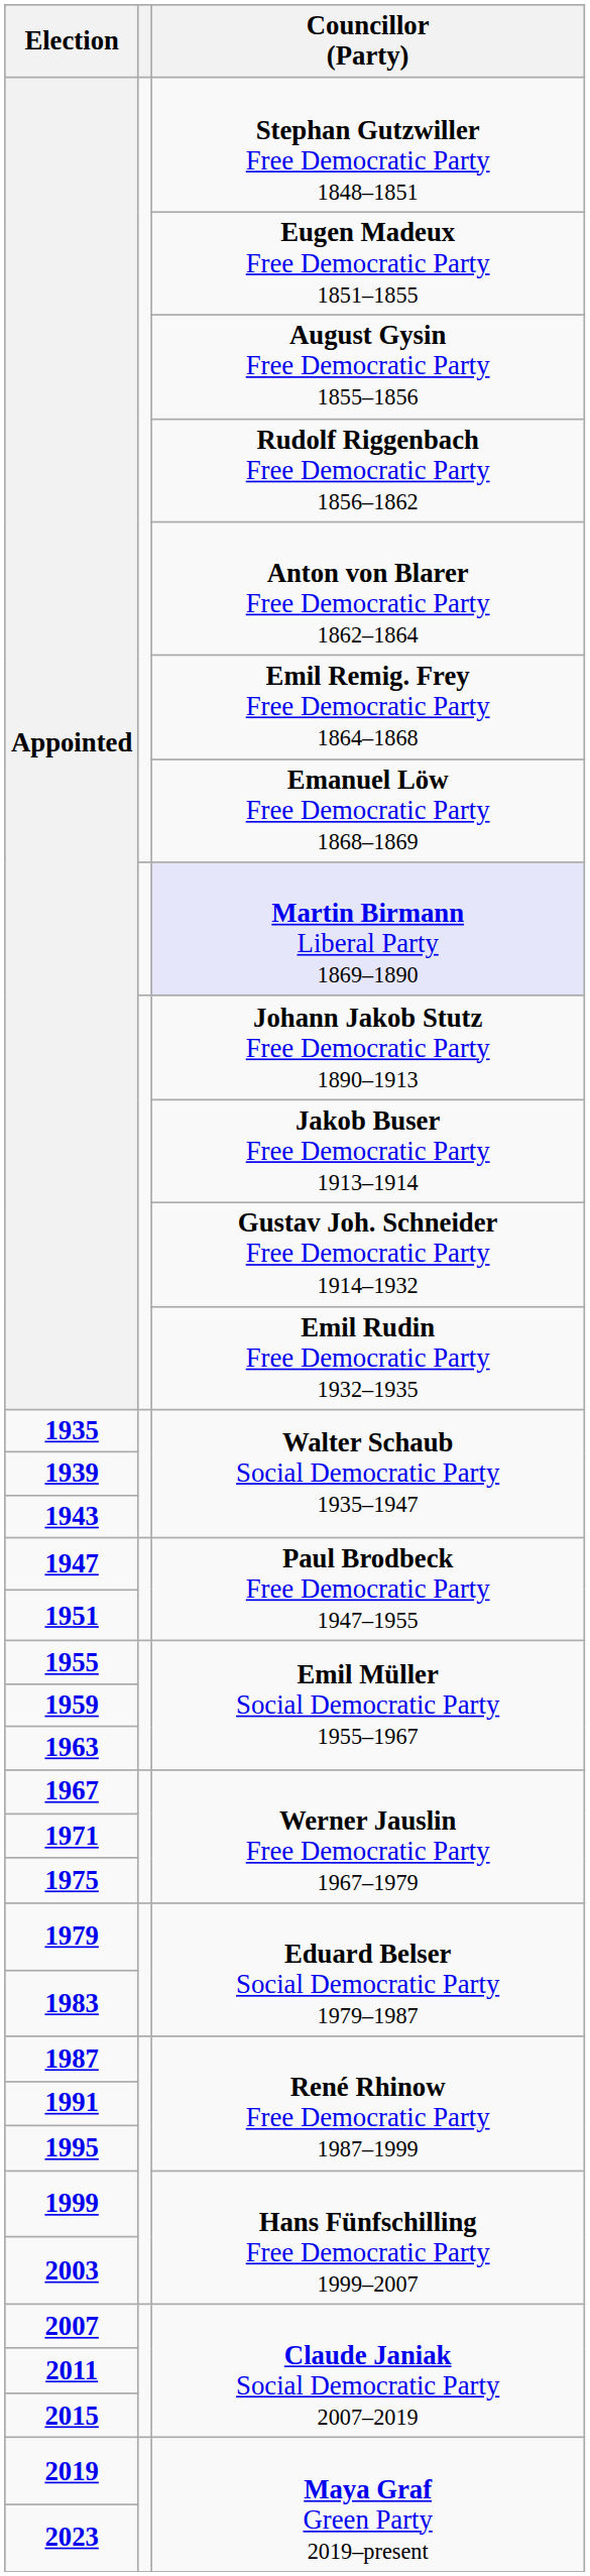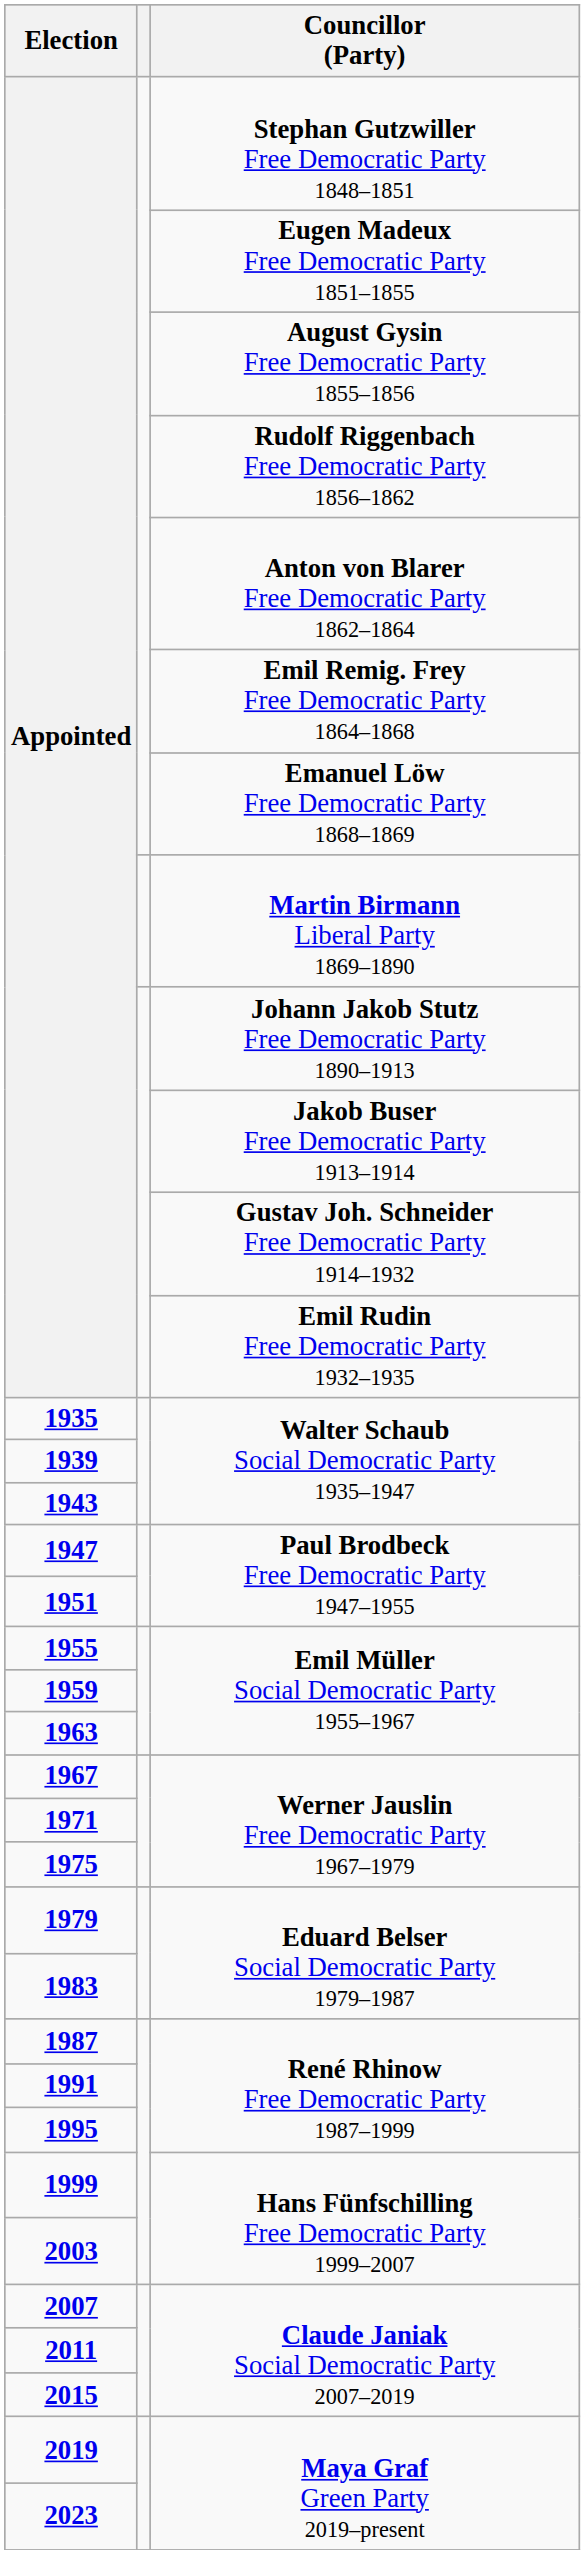 <table class="wikitable" style="text-align:center">
 <tr>
 <th>Election</th>
 <th></th>
 <th scope="col" width="250" colspan = "1">Councillor<br> (Party)</th>
 </tr>
 <tr>
 <th rowspan=12>Appointed</th>
 <td rowspan=7; style="background-color: "></td>
 <td rowspan=1><br><strong>Stephan Gutzwiller</strong><br><a href='#'>Free Democratic Party</a><br><small>1848–1851</small></td>
 </tr>
 <tr>
 <td rowspan=1><strong>Eugen Madeux</strong><br><a href='#'>Free Democratic Party</a><br><small>1851–1855</small></td>
 </tr>
 <tr>
 <td rowspan=1><strong>August Gysin</strong><br><a href='#'>Free Democratic Party</a><br><small>1855–1856</small></td>
 </tr>
 <tr>
 <td rowspan=1><strong>Rudolf Riggenbach</strong><br><a href='#'>Free Democratic Party</a><br><small>1856–1862</small></td>
 </tr>
 <tr>
 <td rowspan=1><br><strong>Anton von Blarer</strong><br><a href='#'>Free Democratic Party</a><br><small>1862–1864</small></td>
 </tr>
 <tr>
 <td rowspan=1><strong>Emil Remig. Frey</strong><br><a href='#'>Free Democratic Party</a><br><small>1864–1868</small></td>
 </tr>
 <tr>
 <td rowspan=1><strong>Emanuel Löw</strong><br><a href='#'>Free Democratic Party</a><br><small>1868–1869</small></td>
 </tr>
 <tr>
 <td rowspan=1; style="background-color: "></td>
-<td rowspan=1 style="background: lavender;"><br><strong><a href='#'>Martin Birmann</a></strong><br><a href='#'>Liberal Party</a><br><small>1869–1890</small></td>
+<td rowspan=1><br><strong><a href='#'>Martin Birmann</a></strong><br><a href='#'>Liberal Party</a><br><small>1869–1890</small></td>
 </tr>
 <tr>
 <td rowspan=4; style="background-color: "></td>
 <td rowspan=1><strong>Johann Jakob Stutz</strong><br><a href='#'>Free Democratic Party</a><br><small>1890–1913</small></td>
 </tr>
 <tr>
 <td rowspan=1><strong>Jakob Buser</strong><br><a href='#'>Free Democratic Party</a><br><small>1913–1914</small></td>
 </tr>
 <tr>
 <td rowspan=1><strong>Gustav Joh. Schneider</strong><br><a href='#'>Free Democratic Party</a><br><small>1914–1932</small></td>
 </tr>
 <tr>
 <td rowspan=1><strong>Emil Rudin</strong><br><a href='#'>Free Democratic Party</a><br><small>1932–1935</small></td>
 </tr>
 <tr>
 <td><strong><a href='#'>1935</a></strong></td>
 <td rowspan=3; style="background-color: "></td>
 <td rowspan=3><strong>Walter Schaub</strong><br><a href='#'>Social Democratic Party</a><br><small>1935–1947</small></td>
 </tr>
 <tr>
 <td><strong><a href='#'>1939</a></strong></td>
 </tr>
 <tr>
 <td><strong><a href='#'>1943</a></strong></td>
 </tr>
 <tr>
 <td><strong><a href='#'>1947</a></strong></td>
 <td rowspan=2; style="background-color: "></td>
 <td rowspan=2><strong>Paul Brodbeck</strong><br><a href='#'>Free Democratic Party</a><br><small>1947–1955</small></td>
 </tr>
 <tr>
 <td><strong><a href='#'>1951</a></strong></td>
 </tr>
 <tr>
 <td><strong><a href='#'>1955</a></strong></td>
 <td rowspan=3; style="background-color: "></td>
 <td rowspan=3><strong>Emil Müller</strong><br><a href='#'>Social Democratic Party</a><br><small>1955–1967</small></td>
 </tr>
 <tr>
 <td><strong><a href='#'>1959</a></strong></td>
 </tr>
 <tr>
 <td><strong><a href='#'>1963</a></strong></td>
 </tr>
 <tr>
 <td><strong><a href='#'>1967</a></strong></td>
 <td rowspan=3; style="background-color: "></td>
 <td rowspan=3><br><strong>Werner Jauslin</strong><br><a href='#'>Free Democratic Party</a><br><small>1967–1979</small></td>
 </tr>
 <tr>
 <td><strong><a href='#'>1971</a></strong></td>
 </tr>
 <tr>
 <td><strong><a href='#'>1975</a></strong></td>
 </tr>
 <tr>
 <td><strong><a href='#'>1979</a></strong></td>
 <td rowspan=2; style="background-color: "></td>
 <td rowspan=2><br><strong>Eduard Belser</strong><br><a href='#'>Social Democratic Party</a><br><small>1979–1987</small></td>
 </tr>
 <tr>
 <td><strong><a href='#'>1983</a></strong></td>
 </tr>
 <tr>
 <td><strong><a href='#'>1987</a></strong></td>
 <td rowspan=5; style="background-color: "></td>
 <td rowspan=3><br><strong>René Rhinow</strong><br><a href='#'>Free Democratic Party</a><br><small>1987–1999</small></td>
 </tr>
 <tr>
 <td><strong><a href='#'>1991</a></strong></td>
 </tr>
 <tr>
 <td><strong><a href='#'>1995</a></strong></td>
 </tr>
 <tr>
 <td><strong><a href='#'>1999</a></strong></td>
 <td rowspan=2><br><strong>Hans Fünfschilling</strong><br><a href='#'>Free Democratic Party</a><br><small>1999–2007</small></td>
 </tr>
 <tr>
 <td><strong><a href='#'>2003</a></strong></td>
 </tr>
 <tr>
 <td><strong><a href='#'>2007</a></strong></td>
 <td rowspan=3; style="background-color: "></td>
 <td rowspan=3><br><strong><a href='#'>Claude Janiak</a></strong><br><a href='#'>Social Democratic Party</a><br><small>2007–2019</small></td>
 </tr>
 <tr>
 <td><strong><a href='#'>2011</a></strong></td>
 </tr>
 <tr>
 <td><strong><a href='#'>2015</a></strong></td>
 </tr>
 <tr>
 <td><strong><a href='#'>2019</a></strong></td>
 <td rowspan=2; style="background-color: "></td>
 <td rowspan=2><br><strong><a href='#'>Maya Graf</a></strong><br><a href='#'>Green Party</a><br><small>2019–present</small></td>
 </tr>
 <tr>
 <td><strong><a href='#'>2023</a></strong></td>
 </tr>
 </table>
